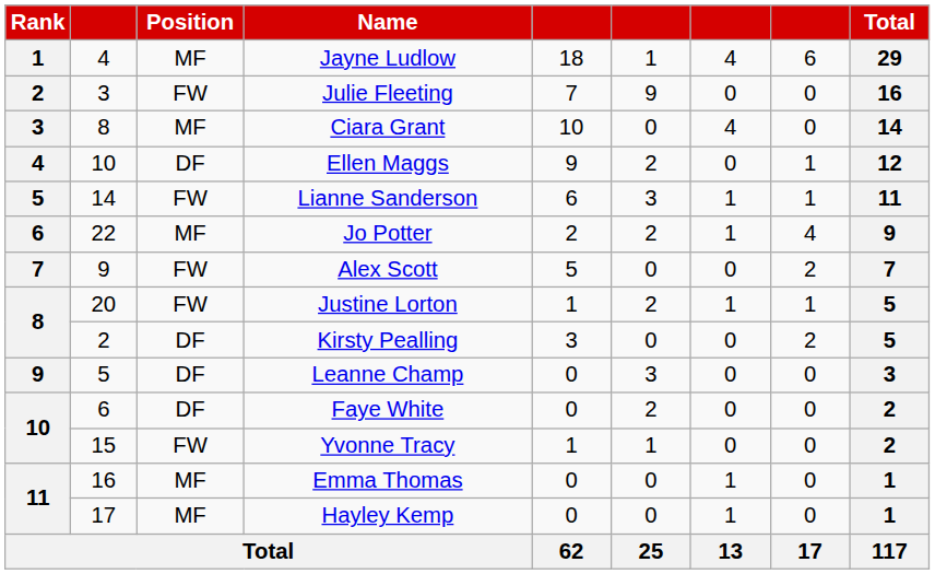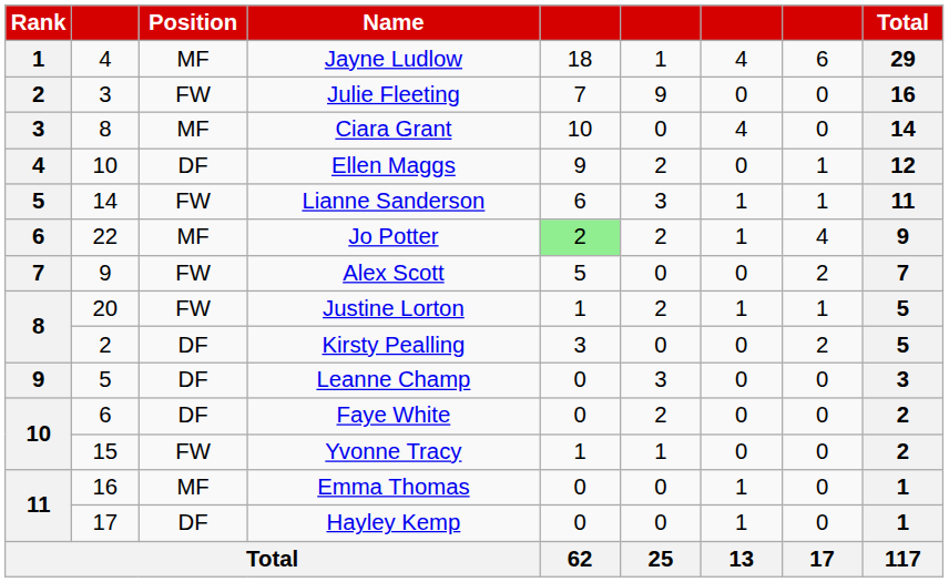 <table class="wikitable" style="text-align:center; font-size:100%; ">
 <tr>
 <th style="background:#d50000; color:white; text-align:center; width:40px">Rank</th>
 <th style="background:#d50000; color:white; text-align:center; width:40px"></th>
 <th style="background:#d50000; color:white; text-align:center; width:70px">Position</th>
 <th style="background:#d50000; color:white; text-align:center; width:200px">Name</th>
 <th style="background:#d50000; color:white; text-align:center; width:50px;"></th>
 <th style="background:#d50000; color:white; text-align:center; width:50px;"></th>
 <th style="background:#d50000; color:white; text-align:center; width:50px;"></th>
 <th style="background:#d50000; color:white; text-align:center; width:50px;"></th>
 <th style="background:#d50000; color:white; text-align:center; width:50px;">Total</th>
 </tr>
 <tr>
 <th>1</th>
 <td>4</td>
 <td>MF</td>
 <td> <a href='#'>Jayne Ludlow</a></td>
 <td>18</td>
 <td>1</td>
 <td>4</td>
 <td>6</td>
 <th>29</th>
 </tr>
 <tr>
 <th>2</th>
 <td>3</td>
 <td>FW</td>
 <td> <a href='#'>Julie Fleeting</a></td>
 <td>7</td>
 <td>9</td>
 <td>0</td>
 <td>0</td>
 <th>16</th>
 </tr>
 <tr>
 <th>3</th>
 <td>8</td>
 <td>MF</td>
 <td> <a href='#'>Ciara Grant</a></td>
 <td>10</td>
 <td>0</td>
 <td>4</td>
 <td>0</td>
 <th>14</th>
 </tr>
 <tr>
 <th>4</th>
 <td>10</td>
 <td>DF</td>
 <td> <a href='#'>Ellen Maggs</a></td>
 <td>9</td>
 <td>2</td>
 <td>0</td>
 <td>1</td>
 <th>12</th>
 </tr>
 <tr>
 <th>5</th>
 <td>14</td>
 <td>FW</td>
 <td> <a href='#'>Lianne Sanderson</a></td>
 <td>6</td>
 <td>3</td>
 <td>1</td>
 <td>1</td>
 <th>11</th>
 </tr>
 <tr>
 <th>6</th>
 <td>22</td>
 <td>MF</td>
 <td> <a href='#'>Jo Potter</a></td>
-<td>2</td>
+<td style="background: lightgreen;">2</td>
 <td>2</td>
 <td>1</td>
 <td>4</td>
 <th>9</th>
 </tr>
 <tr>
 <th>7</th>
 <td>9</td>
 <td>FW</td>
 <td> <a href='#'>Alex Scott</a></td>
 <td>5</td>
 <td>0</td>
 <td>0</td>
 <td>2</td>
 <th>7</th>
 </tr>
 <tr>
 <th rowspan="2">8</th>
 <td>20</td>
 <td>FW</td>
 <td> <a href='#'>Justine Lorton</a></td>
 <td>1</td>
 <td>2</td>
 <td>1</td>
 <td>1</td>
 <th>5</th>
 </tr>
 <tr>
 <td>2</td>
 <td>DF</td>
 <td> <a href='#'>Kirsty Pealling</a></td>
 <td>3</td>
 <td>0</td>
 <td>0</td>
 <td>2</td>
 <th>5</th>
 </tr>
 <tr>
 <th>9</th>
 <td>5</td>
 <td>DF</td>
 <td> <a href='#'>Leanne Champ</a></td>
 <td>0</td>
 <td>3</td>
 <td>0</td>
 <td>0</td>
 <th>3</th>
 </tr>
 <tr>
 <th rowspan="2">10</th>
 <td>6</td>
 <td>DF</td>
 <td> <a href='#'>Faye White</a></td>
 <td>0</td>
 <td>2</td>
 <td>0</td>
 <td>0</td>
 <th>2</th>
 </tr>
 <tr>
 <td>15</td>
 <td>FW</td>
 <td> <a href='#'>Yvonne Tracy</a></td>
 <td>1</td>
 <td>1</td>
 <td>0</td>
 <td>0</td>
 <th>2</th>
 </tr>
 <tr>
 <th rowspan="2">11</th>
 <td>16</td>
 <td>MF</td>
 <td> <a href='#'>Emma Thomas</a></td>
 <td>0</td>
 <td>0</td>
 <td>1</td>
 <td>0</td>
 <th>1</th>
 </tr>
 <tr>
 <td>17</td>
-<td>MF</td>
+<td>DF</td>
 <td> <a href='#'>Hayley Kemp</a></td>
 <td>0</td>
 <td>0</td>
 <td>1</td>
 <td>0</td>
 <th>1</th>
 </tr>
 <tr>
 <th colspan="4">Total</th>
 <th>62</th>
 <th>25</th>
 <th>13</th>
 <th>17</th>
 <th>117</th>
 </tr>
 </table>
